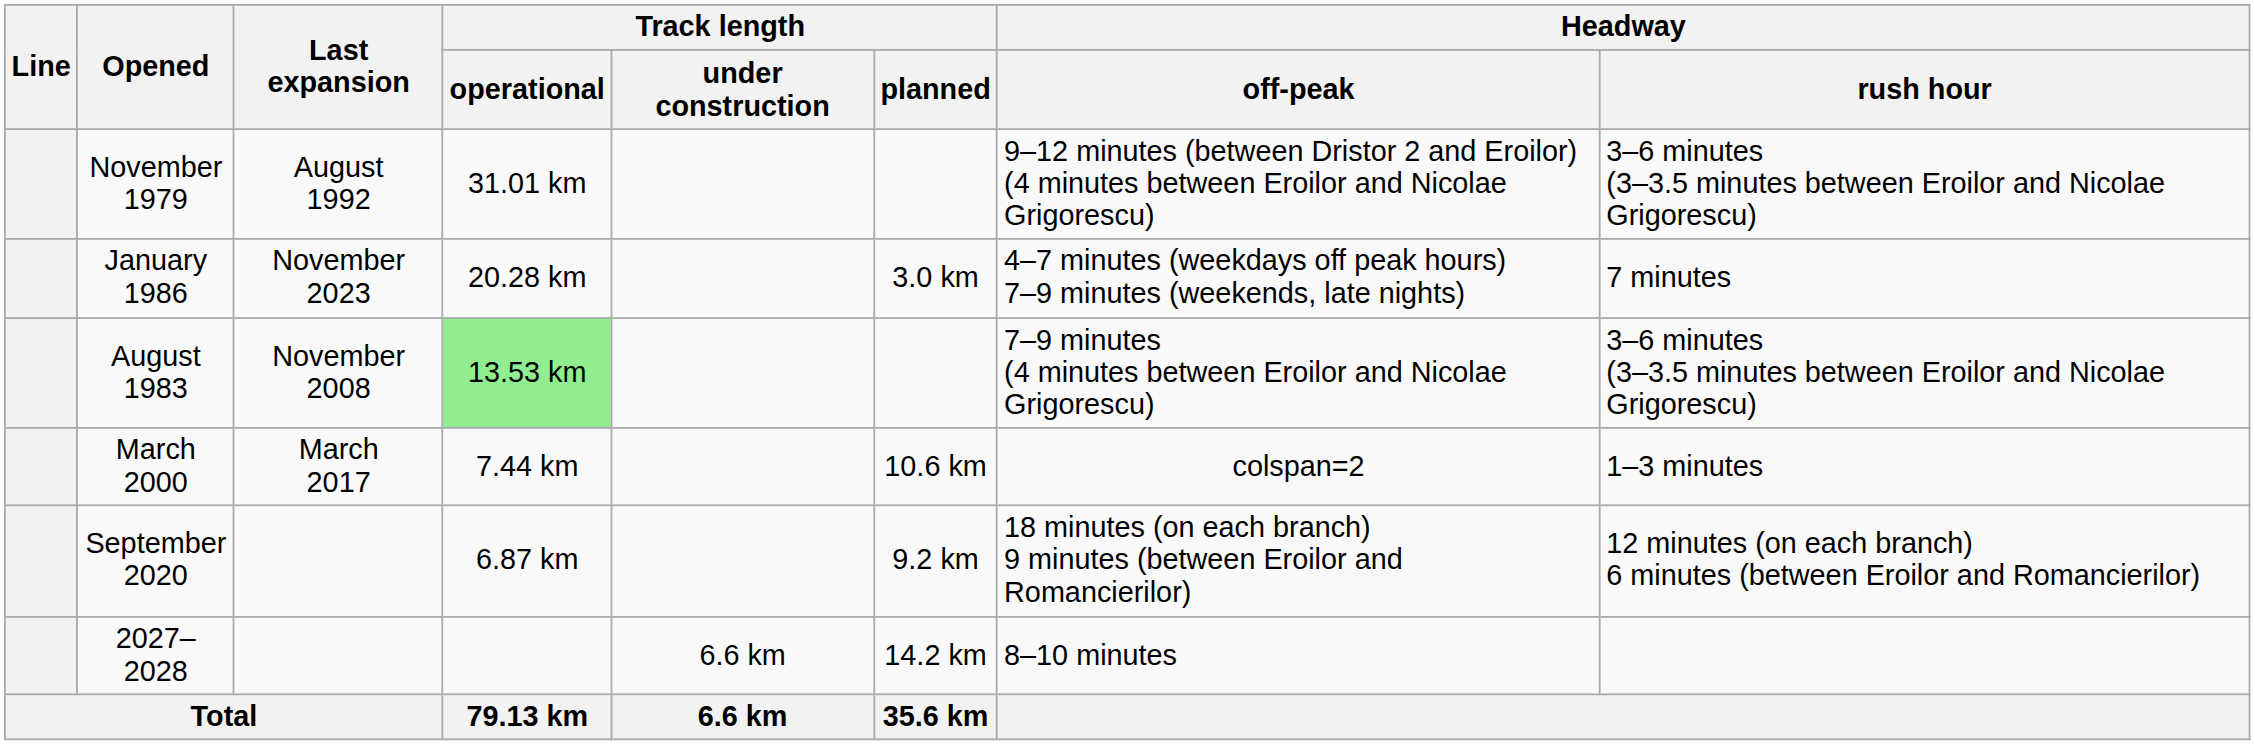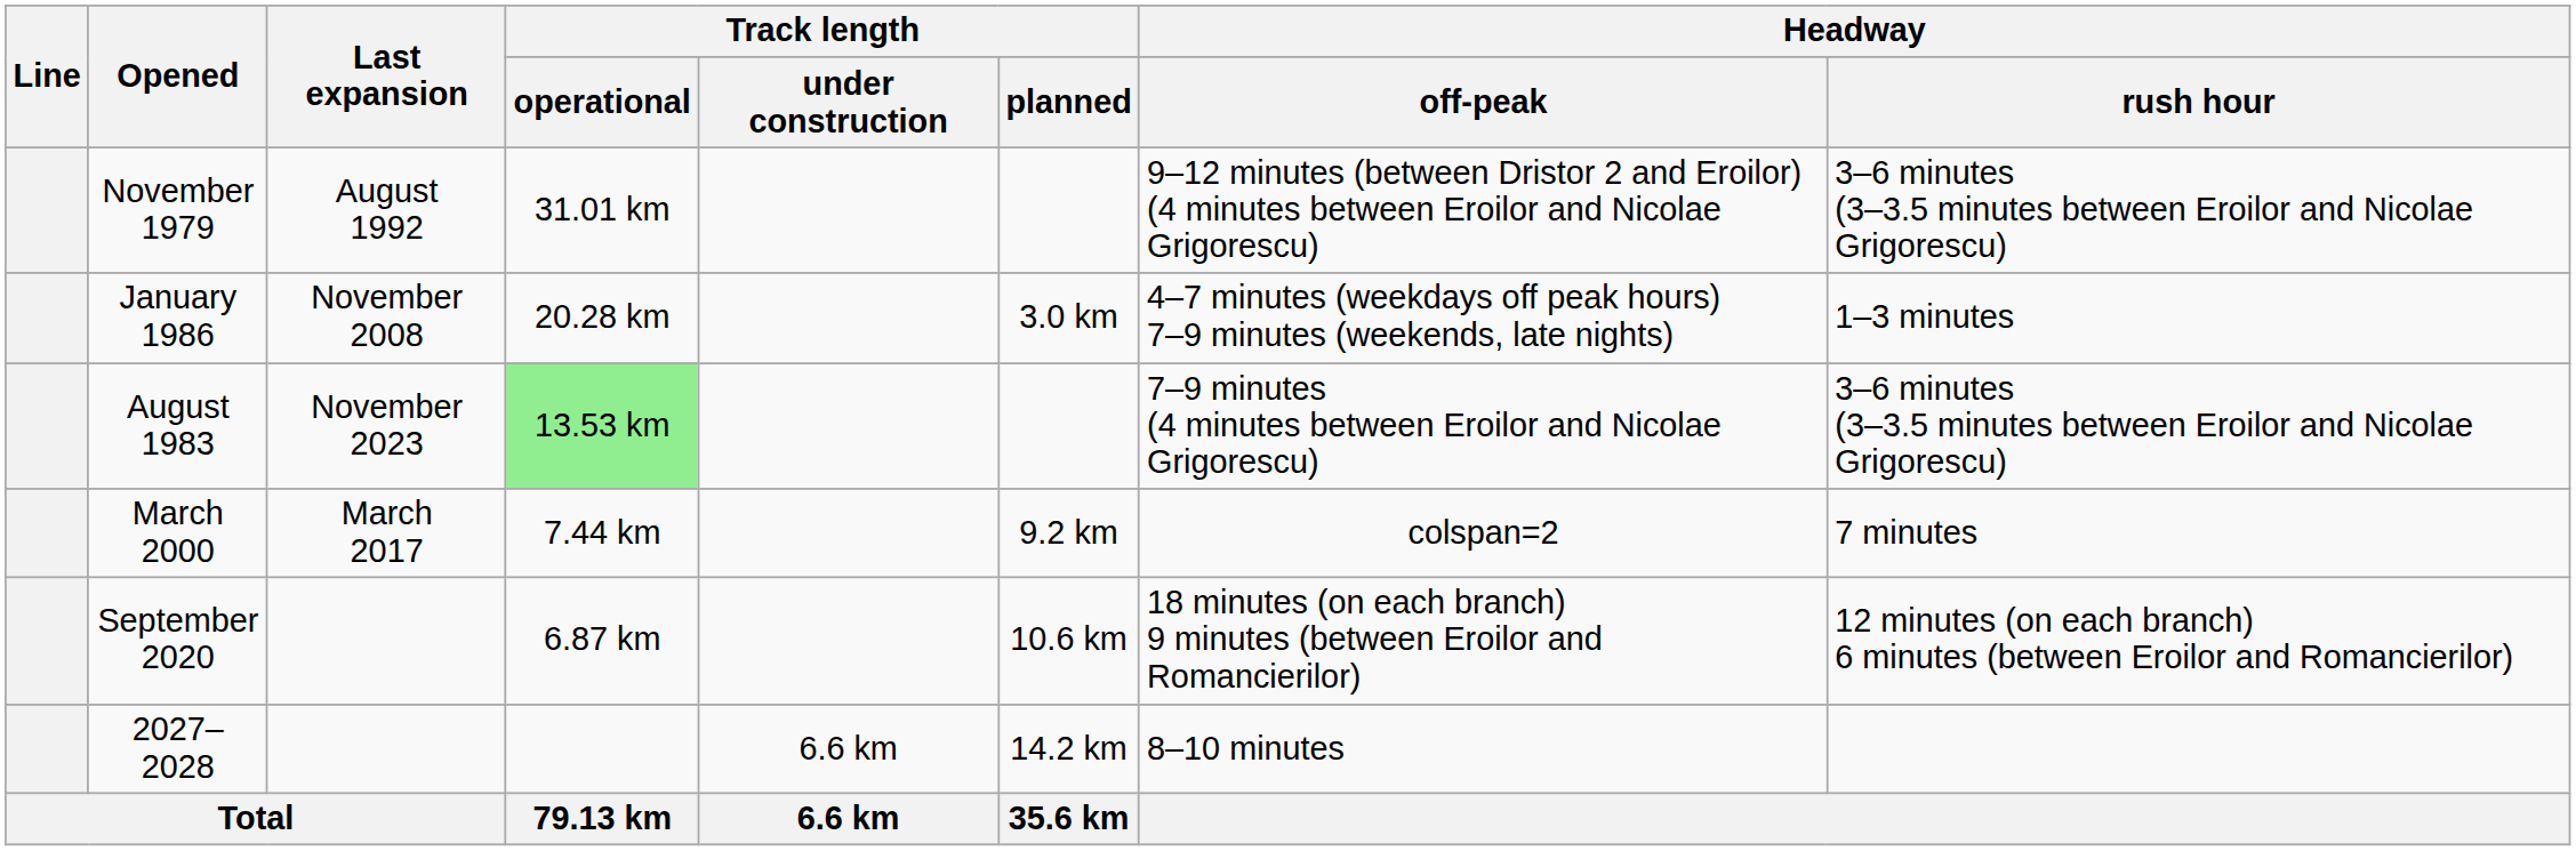 <table class="wikitable" style="text-align: center">
 <tr>
 <th rowspan=2>Line</th>
 <th rowspan=2>Opened</th>
 <th rowspan=2>Last<br>expansion</th>
 <th colspan=3>Track length</th>
 <th colspan=2>Headway</th>
 </tr>
 <tr>
 <th>operational</th>
 <th>under construction</th>
 <th>planned</th>
 <th>off-peak</th>
 <th>rush hour</th>
 </tr>
 <tr>
 <th style="background: #"><a href='#'></a></th>
 <td>November<br>1979</td>
 <td>August<br>1992</td>
 <td>31.01 km</td>
 <td></td>
 <td></td>
 <td align="left">9–12 minutes (between Dristor 2 and Eroilor)<br>(4 minutes between Eroilor and Nicolae Grigorescu)</td>
 <td align="left">3–6 minutes<br>(3–3.5 minutes between Eroilor and Nicolae Grigorescu)</td>
 </tr>
 <tr>
 <th style="background: #"><a href='#'></a></th>
 <td>January<br>1986</td>
-<td>November 2023</td>
+<td>November<br>2008</td>
 <td>20.28 km</td>
 <td></td>
 <td>3.0 km</td>
 <td align="left">4–7 minutes (weekdays off peak hours)<br>7–9 minutes (weekends, late nights)</td>
-<td align="left">7 minutes</td>
+<td align="left">1–3 minutes</td>
 </tr>
 <tr>
 <th style="background: #"><a href='#'></a></th>
 <td>August<br>1983</td>
-<td>November<br>2008</td>
+<td>November 2023</td>
 <td style="background: lightgreen;">13.53 km<br></td>
 <td></td>
 <td></td>
 <td align="left">7–9 minutes<br>(4 minutes between Eroilor and Nicolae Grigorescu)</td>
 <td align="left">3–6 minutes<br>(3–3.5 minutes between Eroilor and Nicolae Grigorescu)</td>
 </tr>
 <tr>
 <th style="background: #"><a href='#'></a></th>
 <td>March<br>2000</td>
 <td>March<br>2017</td>
 <td>7.44 km</td>
 <td></td>
-<td>10.6 km</td>
+<td>9.2 km</td>
 <td>colspan=2 </td>
-<td align="left">1–3 minutes</td>
+<td align="left">7 minutes</td>
 </tr>
 <tr>
 <th style="background: #"><a href='#'></a></th>
 <td>September<br>2020</td>
 <td></td>
 <td>6.87 km</td>
 <td></td>
-<td>9.2 km</td>
+<td>10.6 km</td>
 <td align="left">18 minutes (on each branch)<br>9 minutes (between Eroilor and Romancierilor)</td>
 <td align="left">12 minutes (on each branch)<br>6 minutes (between Eroilor and Romancierilor)</td>
 </tr>
 <tr>
 <th style="background: #"><a href='#'></a></th>
 <td>2027–2028</td>
 <td></td>
 <td></td>
 <td>6.6 km</td>
 <td>14.2 km</td>
 <td align="left">8–10 minutes</td>
 </tr>
 <tr>
 <th colspan=3><strong>Total</strong></th>
 <th><strong>79.13 km</strong></th>
 <th><strong>6.6 km</strong></th>
 <th><strong>35.6 km</strong></th>
 <th colspan="2"></th>
 </tr>
 </table>
